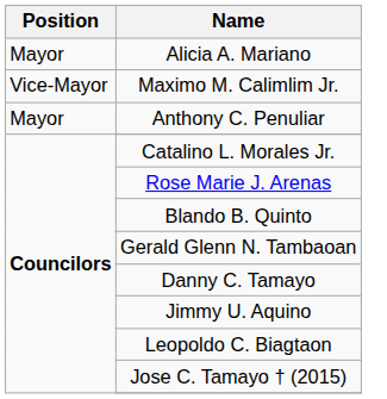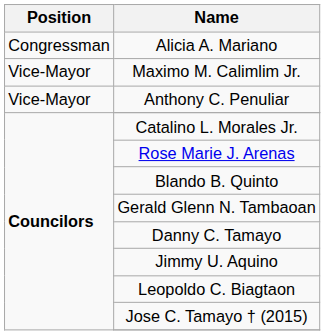 <table class="wikitable" style="line-height:1.20em; font-size:100%;">
 <tr>
 <th>Position</th>
 <th>Name</th>
 </tr>
 <tr>
-<td>Mayor</td>
+<td>Congressman</td>
 <td style="text-align:center;">Alicia A. Mariano</td>
 </tr>
 <tr>
 <td>Vice-Mayor</td>
 <td style="text-align:center;">Maximo M. Calimlim Jr.</td>
 </tr>
 <tr>
-<td>Mayor</td>
+<td>Vice-Mayor</td>
 <td style="text-align:center;">Anthony C. Penuliar</td>
 </tr>
 <tr>
 <td rowspan=13><strong>Councilors</strong></td>
 </tr>
 <tr>
 <td style="text-align:center;">Catalino L. Morales Jr.</td>
 </tr>
 <tr>
 <td style="text-align:center;"><a href='#'>Rose Marie J. Arenas</a></td>
 </tr>
 <tr>
 <td style="text-align:center;">Blando B. Quinto</td>
 </tr>
 <tr>
 <td style="text-align:center;">Gerald Glenn N. Tambaoan</td>
 </tr>
 <tr>
 <td style="text-align:center;">Danny C. Tamayo</td>
 </tr>
 <tr>
 <td style="text-align:center;">Jimmy U. Aquino</td>
 </tr>
 <tr>
 <td style="text-align:center;">Leopoldo C. Biagtaon</td>
 </tr>
 <tr>
 <td style="text-align:center;">Jose C. Tamayo † (2015)</td>
 </tr>
 <tr>
 </tr>
 </table>
